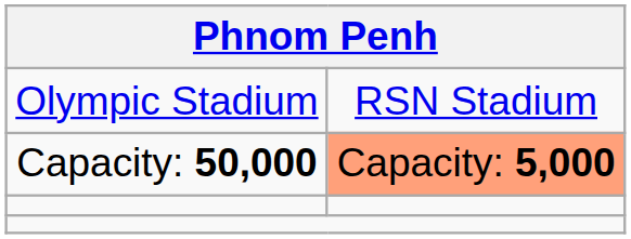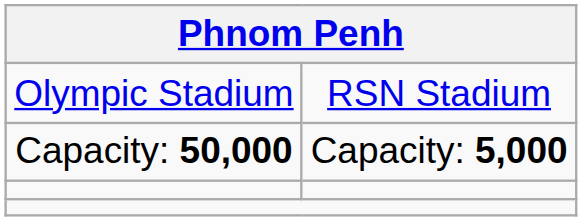 <table class="wikitable" style="margin:1em auto; text-align:center;">
 <tr>
 <th colspan=2> <a href='#'>Phnom Penh</a></th>
 </tr>
 <tr>
 <td><a href='#'>Olympic Stadium</a></td>
 <td><a href='#'>RSN Stadium</a></td>
 </tr>
 <tr>
 <td>Capacity: <strong>50,000</strong></td>
-<td style="background: lightsalmon;">Capacity: <strong>5,000</strong></td>
+<td>Capacity: <strong>5,000</strong></td>
 </tr>
 <tr>
 <td></td>
 <td></td>
 </tr>
 <tr>
 <td rowspan=4 colspan=2></td>
 </tr>
 </table>
